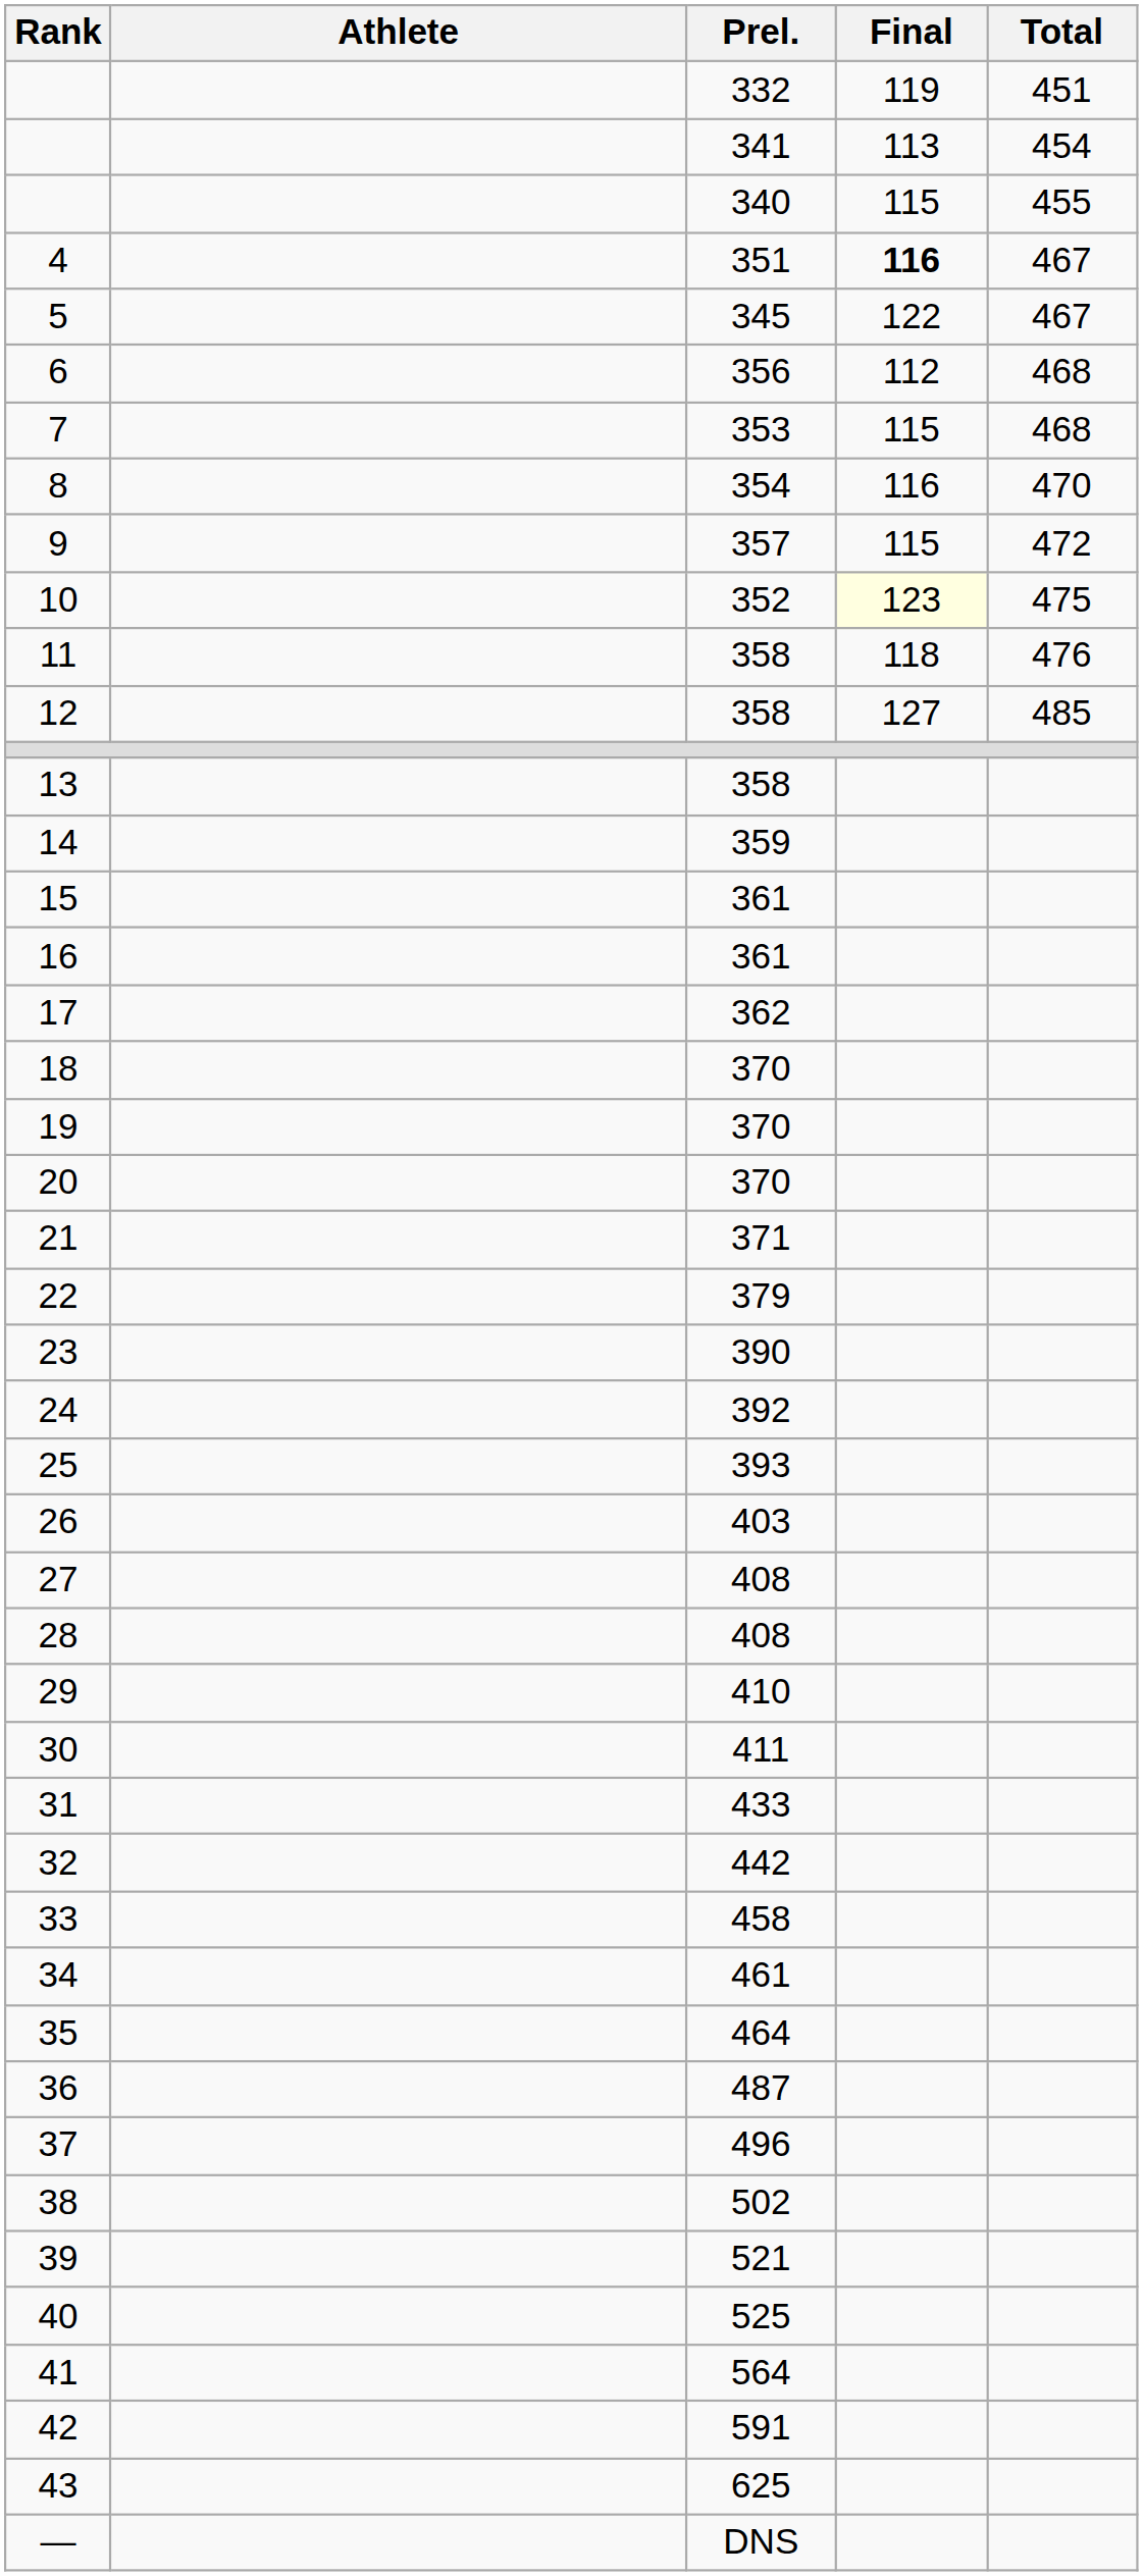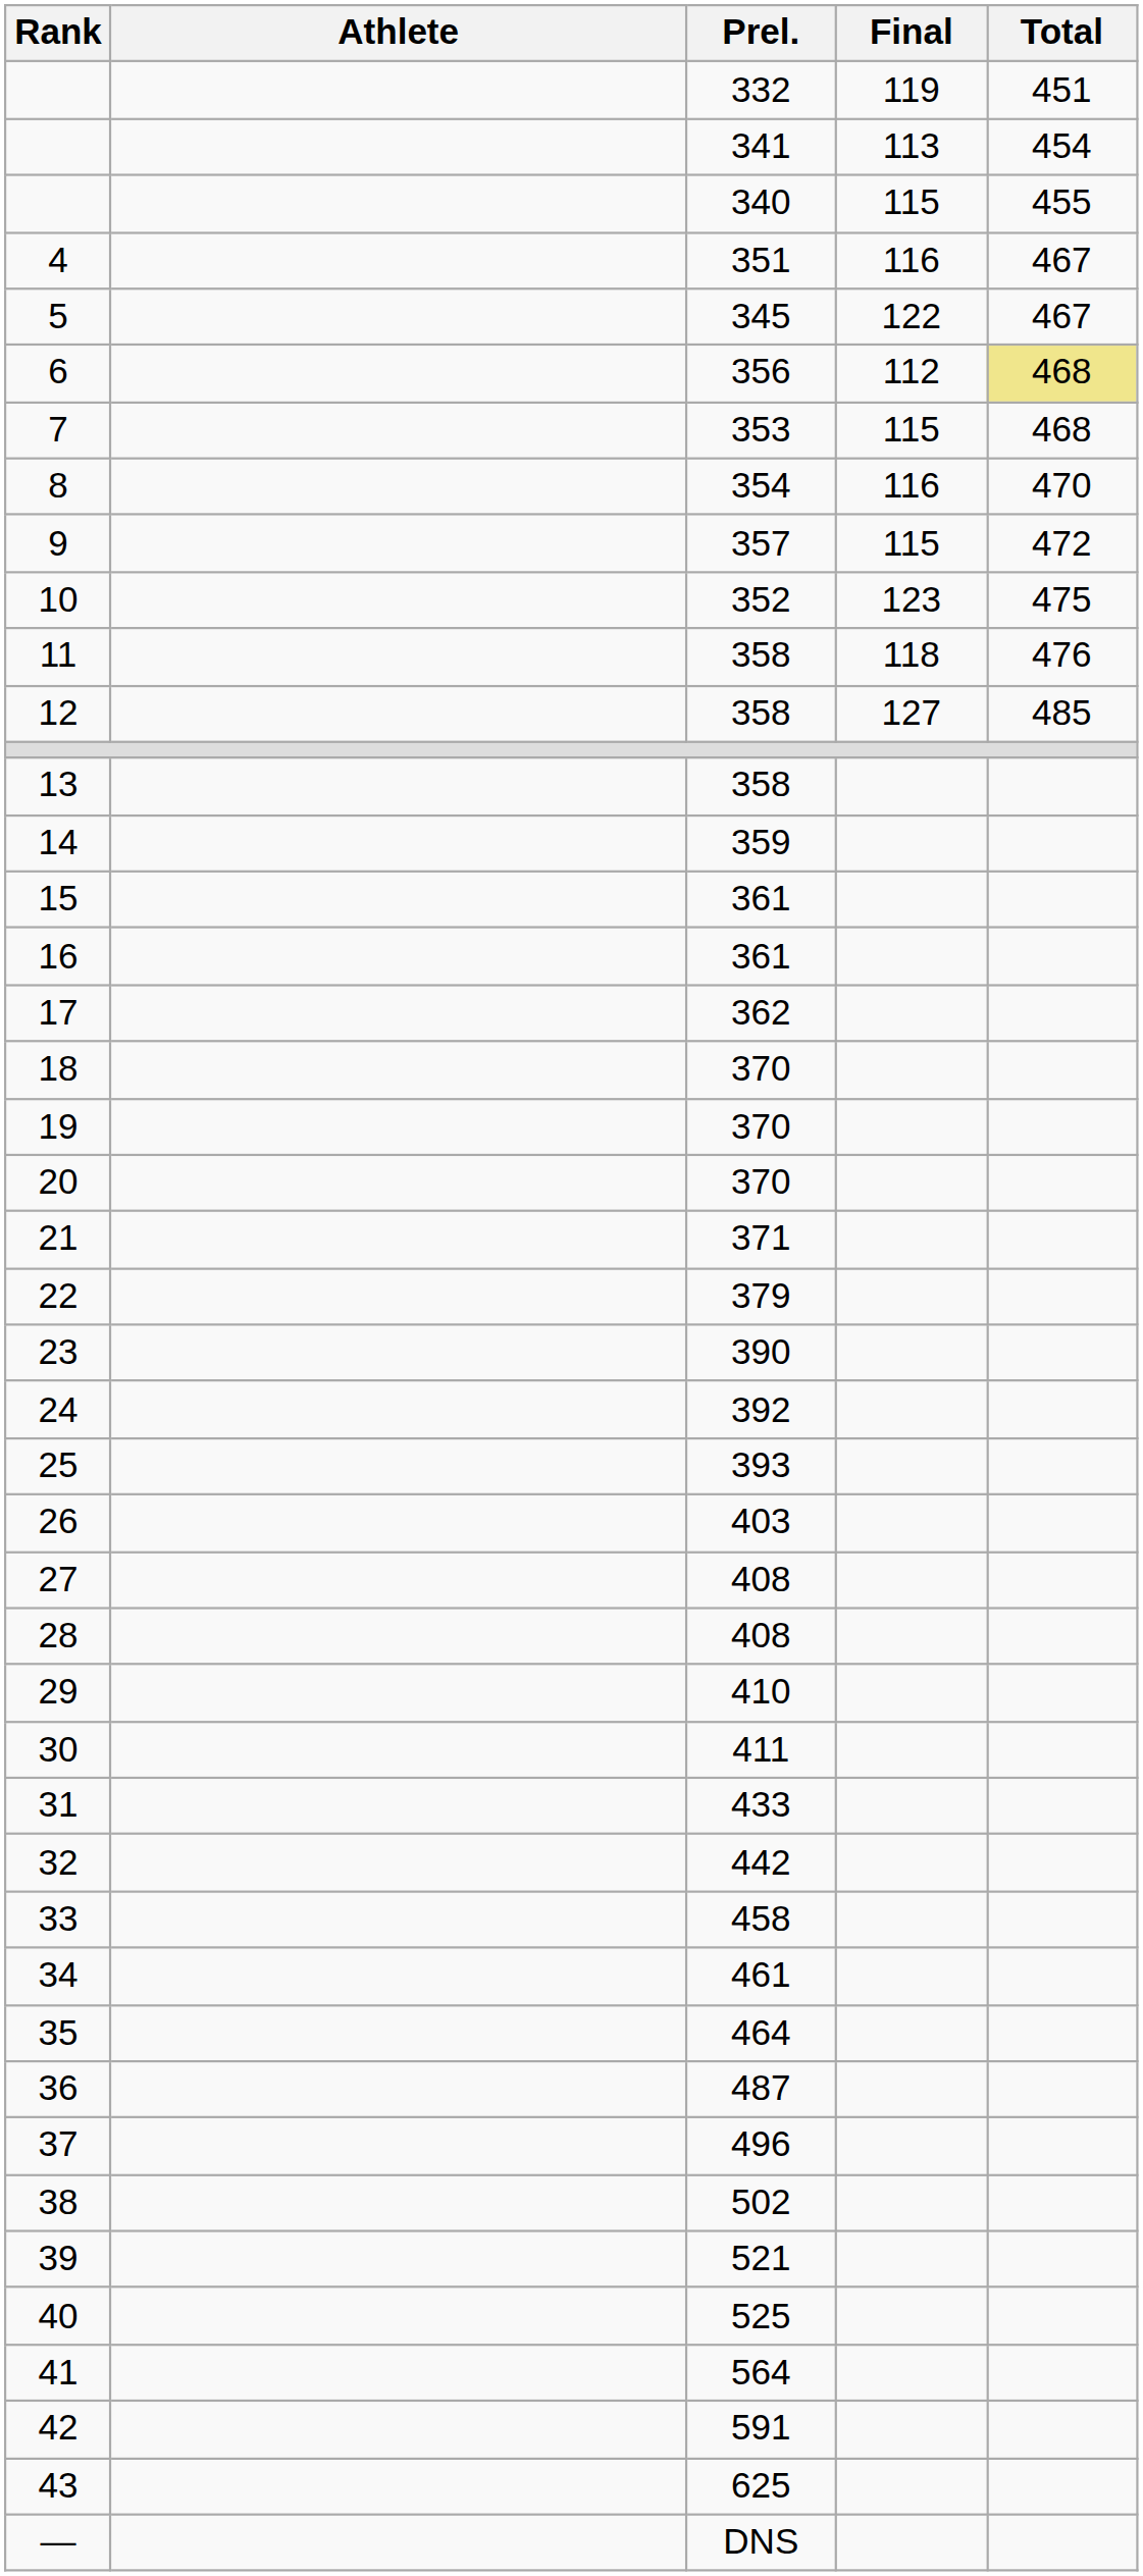 <table class=wikitable style="text-align:center">
 <tr>
 <th width=40>Rank</th>
 <th width=250>Athlete</th>
 <th width=60>Prel.</th>
 <th width=60>Final</th>
 <th width=60>Total</th>
 </tr>
 <tr>
 <td></td>
 <td align=left></td>
 <td>332</td>
 <td>119</td>
 <td>451</td>
 </tr>
 <tr>
 <td></td>
 <td align=left></td>
 <td>341</td>
 <td>113</td>
 <td>454</td>
 </tr>
 <tr>
 <td></td>
 <td align=left></td>
 <td>340</td>
 <td>115</td>
 <td>455</td>
 </tr>
 <tr>
 <td>4</td>
 <td align=left></td>
 <td>351</td>
-<td><strong>116</strong></td>
+<td>116</td>
 <td>467</td>
 </tr>
 <tr>
 <td>5</td>
 <td align=left></td>
 <td>345</td>
 <td>122</td>
 <td>467</td>
 </tr>
 <tr>
 <td>6</td>
 <td align=left></td>
 <td>356</td>
 <td>112</td>
-<td>468</td>
+<td style="background: khaki;">468</td>
 </tr>
 <tr>
 <td>7</td>
 <td align=left></td>
 <td>353</td>
 <td>115</td>
 <td>468</td>
 </tr>
 <tr>
 <td>8</td>
 <td align=left></td>
 <td>354</td>
 <td>116</td>
 <td>470</td>
 </tr>
 <tr>
 <td>9</td>
 <td align=left></td>
 <td>357</td>
 <td>115</td>
 <td>472</td>
 </tr>
 <tr>
 <td>10</td>
 <td align=left></td>
 <td>352</td>
-<td style="background: lightyellow;">123</td>
+<td>123</td>
 <td>475</td>
 </tr>
 <tr>
 <td>11</td>
 <td align=left></td>
 <td>358</td>
 <td>118</td>
 <td>476</td>
 </tr>
 <tr>
 <td>12</td>
 <td align=left></td>
 <td>358</td>
 <td>127</td>
 <td>485</td>
 </tr>
 <tr bgcolor=#DDDDDD>
 <td colspan=5></td>
 </tr>
 <tr>
 <td>13</td>
 <td align=left></td>
 <td>358</td>
 <td></td>
 <td></td>
 </tr>
 <tr>
 <td>14</td>
 <td align=left></td>
 <td>359</td>
 <td></td>
 <td></td>
 </tr>
 <tr>
 <td>15</td>
 <td align=left></td>
 <td>361</td>
 <td></td>
 <td></td>
 </tr>
 <tr>
 <td>16</td>
 <td align=left></td>
 <td>361</td>
 <td></td>
 <td></td>
 </tr>
 <tr>
 <td>17</td>
 <td align=left></td>
 <td>362</td>
 <td></td>
 <td></td>
 </tr>
 <tr>
 <td>18</td>
 <td align=left></td>
 <td>370</td>
 <td></td>
 <td></td>
 </tr>
 <tr>
 <td>19</td>
 <td align=left></td>
 <td>370</td>
 <td></td>
 <td></td>
 </tr>
 <tr>
 <td>20</td>
 <td align=left></td>
 <td>370</td>
 <td></td>
 <td></td>
 </tr>
 <tr>
 <td>21</td>
 <td align=left></td>
 <td>371</td>
 <td></td>
 <td></td>
 </tr>
 <tr>
 <td>22</td>
 <td align=left></td>
 <td>379</td>
 <td></td>
 <td></td>
 </tr>
 <tr>
 <td>23</td>
 <td align=left></td>
 <td>390</td>
 <td></td>
 <td></td>
 </tr>
 <tr>
 <td>24</td>
 <td align=left></td>
 <td>392</td>
 <td></td>
 <td></td>
 </tr>
 <tr>
 <td>25</td>
 <td align=left></td>
 <td>393</td>
 <td></td>
 <td></td>
 </tr>
 <tr>
 <td>26</td>
 <td align=left></td>
 <td>403</td>
 <td></td>
 <td></td>
 </tr>
 <tr>
 <td>27</td>
 <td align=left></td>
 <td>408</td>
 <td></td>
 <td></td>
 </tr>
 <tr>
 <td>28</td>
 <td align=left></td>
 <td>408</td>
 <td></td>
 <td></td>
 </tr>
 <tr>
 <td>29</td>
 <td align=left></td>
 <td>410</td>
 <td></td>
 <td></td>
 </tr>
 <tr>
 <td>30</td>
 <td align=left></td>
 <td>411</td>
 <td></td>
 <td></td>
 </tr>
 <tr>
 <td>31</td>
 <td align=left></td>
 <td>433</td>
 <td></td>
 <td></td>
 </tr>
 <tr>
 <td>32</td>
 <td align=left></td>
 <td>442</td>
 <td></td>
 <td></td>
 </tr>
 <tr>
 <td>33</td>
 <td align=left></td>
 <td>458</td>
 <td></td>
 <td></td>
 </tr>
 <tr>
 <td>34</td>
 <td align=left></td>
 <td>461</td>
 <td></td>
 <td></td>
 </tr>
 <tr>
 <td>35</td>
 <td align=left></td>
 <td>464</td>
 <td></td>
 <td></td>
 </tr>
 <tr>
 <td>36</td>
 <td align=left></td>
 <td>487</td>
 <td></td>
 <td></td>
 </tr>
 <tr>
 <td>37</td>
 <td align=left></td>
 <td>496</td>
 <td></td>
 <td></td>
 </tr>
 <tr>
 <td>38</td>
 <td align=left></td>
 <td>502</td>
 <td></td>
 <td></td>
 </tr>
 <tr>
 <td>39</td>
 <td align=left></td>
 <td>521</td>
 <td></td>
 <td></td>
 </tr>
 <tr>
 <td>40</td>
 <td align=left></td>
 <td>525</td>
 <td></td>
 <td></td>
 </tr>
 <tr>
 <td>41</td>
 <td align=left></td>
 <td>564</td>
 <td></td>
 <td></td>
 </tr>
 <tr>
 <td>42</td>
 <td align=left></td>
 <td>591</td>
 <td></td>
 <td></td>
 </tr>
 <tr>
 <td>43</td>
 <td align=left></td>
 <td>625</td>
 <td></td>
 <td></td>
 </tr>
 <tr>
 <td>—</td>
 <td align=left></td>
 <td>DNS</td>
 <td></td>
 <td></td>
 </tr>
 </table>
